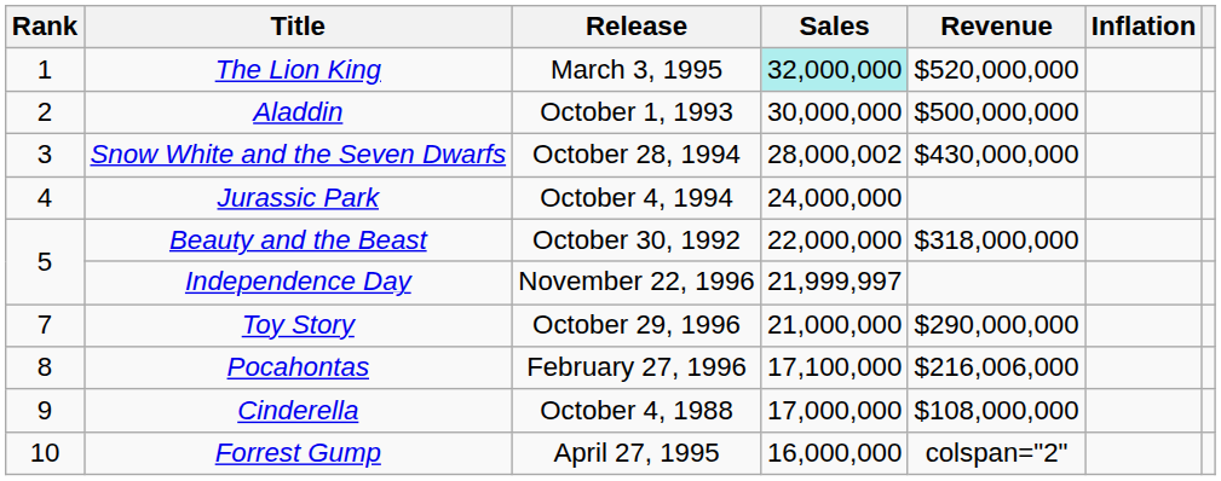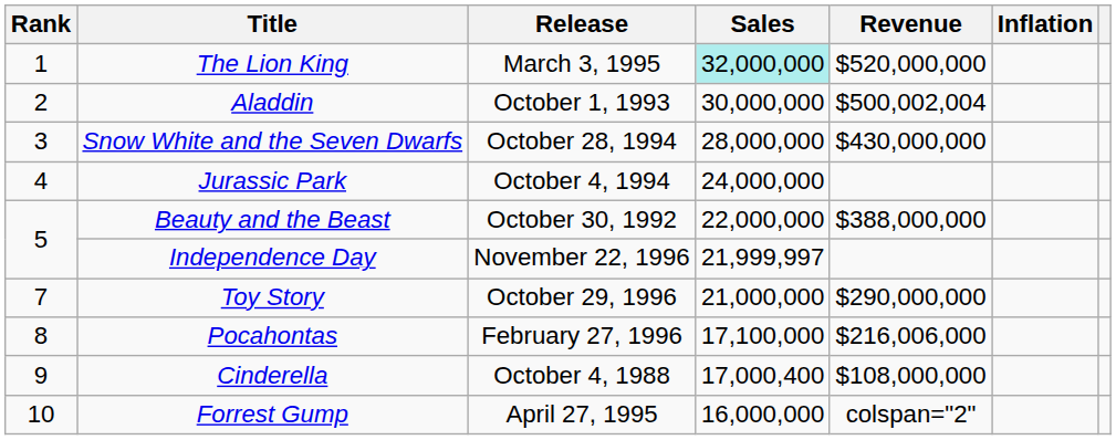 <table class="wikitable sortable" style="text-align:center">
 <tr>
 <th>Rank</th>
 <th>Title</th>
 <th>Release</th>
 <th>Sales</th>
 <th>Revenue</th>
 <th>Inflation</th>
 <th class="unsortable"></th>
 </tr>
 <tr>
 <td>1</td>
 <td><em><a href='#'>The Lion King</a></em></td>
 <td>March 3, 1995</td>
 <td style="background: paleturquoise;">32,000,000</td>
 <td>$520,000,000</td>
 <td></td>
 <td></td>
 </tr>
 <tr>
 <td>2</td>
 <td><em><a href='#'>Aladdin</a></em></td>
 <td>October 1, 1993</td>
 <td>30,000,000</td>
-<td>$500,000,000</td>
+<td>$500,002,004</td>
 <td></td>
 <td></td>
 </tr>
 <tr>
 <td>3</td>
 <td><em><a href='#'>Snow White and the Seven Dwarfs</a></em></td>
 <td>October 28, 1994</td>
-<td>28,000,002</td>
+<td>28,000,000</td>
 <td>$430,000,000</td>
 <td></td>
 <td></td>
 </tr>
 <tr>
 <td>4</td>
 <td><em><a href='#'>Jurassic Park</a></em></td>
 <td>October 4, 1994</td>
 <td>24,000,000</td>
 <td></td>
 <td></td>
 <td></td>
 </tr>
 <tr>
 <td rowspan="2">5</td>
 <td><em><a href='#'>Beauty and the Beast</a></em></td>
 <td>October 30, 1992</td>
 <td>22,000,000</td>
-<td>$318,000,000</td>
+<td>$388,000,000</td>
 <td></td>
 <td></td>
 </tr>
 <tr>
 <td><em><a href='#'>Independence Day</a></em></td>
 <td>November 22, 1996</td>
 <td>21,999,997</td>
 <td></td>
 <td></td>
 <td></td>
 </tr>
 <tr>
 <td>7</td>
 <td><em><a href='#'>Toy Story</a></em></td>
 <td>October 29, 1996</td>
 <td>21,000,000</td>
 <td>$290,000,000</td>
 <td></td>
 <td></td>
 </tr>
 <tr>
 <td>8</td>
 <td><em><a href='#'>Pocahontas</a></em></td>
 <td>February 27, 1996</td>
 <td>17,100,000</td>
 <td>$216,006,000</td>
 <td></td>
 <td></td>
 </tr>
 <tr>
 <td>9</td>
 <td><em><a href='#'>Cinderella</a></em></td>
 <td>October 4, 1988</td>
-<td>17,000,000</td>
+<td>17,000,400</td>
 <td>$108,000,000</td>
 <td></td>
 <td></td>
 </tr>
 <tr>
 <td>10</td>
 <td><em><a href='#'>Forrest Gump</a></em></td>
 <td>April 27, 1995</td>
 <td>16,000,000</td>
 <td>colspan="2" </td>
 <td></td>
 </tr>
 </table>
